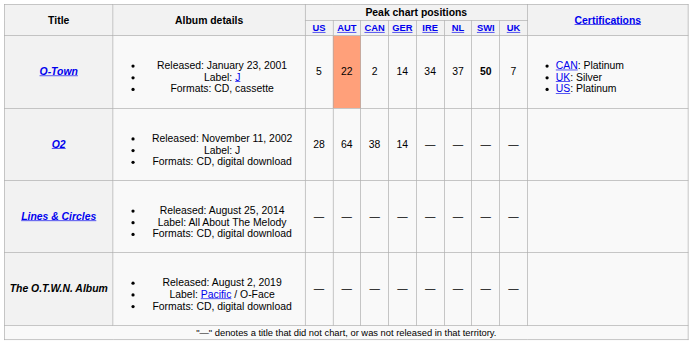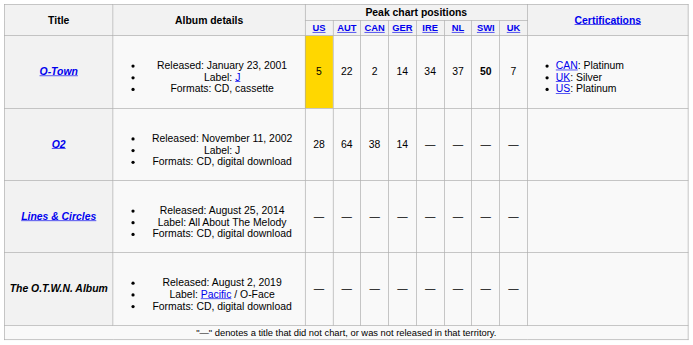 <table class="wikitable plainrowheaders" style="text-align:center;">
 <tr>
 <th scope="col" rowspan="2" style="width:10em;">Title</th>
 <th scope="col" rowspan="2" style="width:18em;">Album details</th>
 <th scope="col" colspan="8">Peak chart positions</th>
 <th scope="col" rowspan="2" style="width:15em;"><a href='#'>Certifications</a></th>
 </tr>
 <tr>
 <th scope="col" style="width:2.5em;font-size:90%;"><a href='#'>US</a><br></th>
 <th scope="col" style="width:2.5em;font-size:90%;"><a href='#'>AUT</a><br></th>
 <th scope="col" style="width:2.5em;font-size:90%;"><a href='#'>CAN</a><br></th>
 <th scope="col" style="width:2.5em;font-size:90%;"><a href='#'>GER</a><br></th>
 <th scope="col" style="width:2.5em;font-size:90%;"><a href='#'>IRE</a><br></th>
 <th scope="col" style="width:2.5em;font-size:90%;"><a href='#'>NL</a><br></th>
 <th scope="col" style="width:2.5em;font-size:90%;"><a href='#'>SWI</a><br></th>
 <th scope="col" style="width:2.5em;font-size:90%;"><a href='#'>UK</a><br></th>
 </tr>
 <tr>
 <th scope="row"><em><a href='#'>O-Town</a></em></th>
 <td><br><ul><li>Released: January 23, 2001</li><li>Label: <a href='#'>J</a></li><li>Formats: CD, cassette</li></ul></td>
-<td>5</td>
-<td style="background: lightsalmon;">22</td>
+<td style="background: gold;">5</td>
+<td>22</td>
 <td>2</td>
 <td>14</td>
 <td>34</td>
 <td>37</td>
 <td><strong>50</strong></td>
 <td>7</td>
 <td style="text-align:left;"><br><ul><li><a href='#'>CAN</a>: Platinum</li><li><a href='#'>UK</a>: Silver</li><li><a href='#'>US</a>: Platinum</li></ul></td>
 </tr>
 <tr>
 <th scope="row"><em><a href='#'>O2</a></em></th>
 <td><br><ul><li>Released: November 11, 2002</li><li>Label: J</li><li>Formats: CD, digital download</li></ul></td>
 <td>28</td>
 <td>64</td>
 <td>38</td>
 <td>14</td>
 <td>—</td>
 <td>—</td>
 <td>—</td>
 <td>—</td>
 <td style="text-align:left;"></td>
 </tr>
 <tr>
 <th scope="row"><em><a href='#'>Lines & Circles</a></em></th>
 <td><br><ul><li>Released: August 25, 2014</li><li>Label: All About The Melody</li><li>Formats: CD, digital download</li></ul></td>
 <td>—</td>
 <td>—</td>
 <td>—</td>
 <td>—</td>
 <td>—</td>
 <td>—</td>
 <td>—</td>
 <td>—</td>
 <td></td>
 </tr>
 <tr>
 <th scope="row"><em>The O.T.W.N. Album</em></th>
 <td><br><ul><li>Released: August 2, 2019</li><li>Label: <a href='#'>Pacific</a> / O-Face</li><li>Formats: CD, digital download</li></ul></td>
 <td>—</td>
 <td>—</td>
 <td>—</td>
 <td>—</td>
 <td>—</td>
 <td>—</td>
 <td>—</td>
 <td>—</td>
 <td></td>
 </tr>
 <tr>
 <td colspan="14" style="font-size:90%">"—" denotes a title that did not chart, or was not released in that territory.</td>
 </tr>
 </table>
